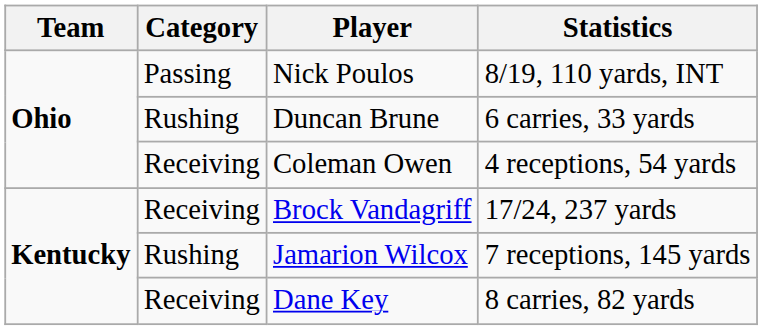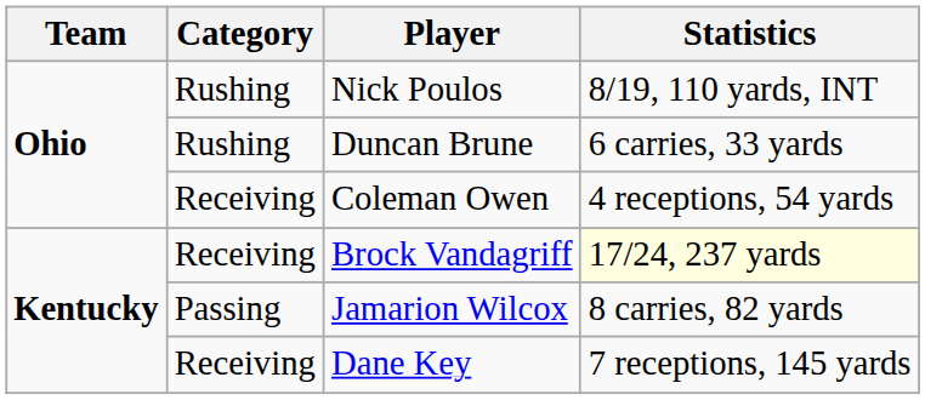 <table class="wikitable" style="float: right;">
 <tr>
 <th>Team</th>
 <th>Category</th>
 <th>Player</th>
 <th>Statistics</th>
 </tr>
 <tr>
 <td rowspan=3><strong>Ohio</strong></td>
-<td>Passing</td>
+<td>Rushing</td>
 <td>Nick Poulos</td>
 <td>8/19, 110 yards, INT</td>
 </tr>
 <tr>
 <td>Rushing</td>
 <td>Duncan Brune</td>
 <td>6 carries, 33 yards</td>
 </tr>
 <tr>
 <td>Receiving</td>
 <td>Coleman Owen</td>
 <td>4 receptions, 54 yards</td>
 </tr>
 <tr>
 <td rowspan=3><strong>Kentucky</strong></td>
 <td>Receiving</td>
 <td><a href='#'>Brock Vandagriff</a></td>
-<td>17/24, 237 yards</td>
+<td style="background: lightyellow;">17/24, 237 yards</td>
 </tr>
 <tr>
-<td>Rushing</td>
+<td>Passing</td>
 <td><a href='#'>Jamarion Wilcox</a></td>
-<td>7 receptions, 145 yards</td>
+<td>8 carries, 82 yards</td>
 </tr>
 <tr>
 <td>Receiving</td>
 <td><a href='#'>Dane Key</a></td>
-<td>8 carries, 82 yards</td>
+<td>7 receptions, 145 yards</td>
 </tr>
 </table>
